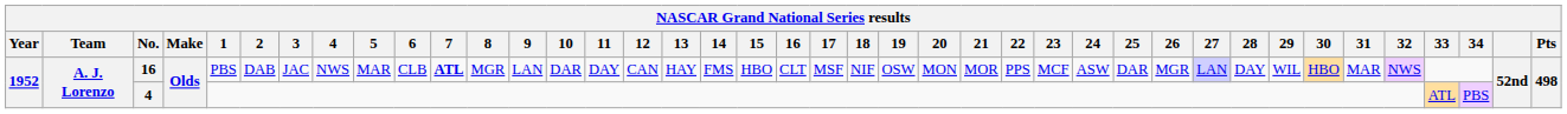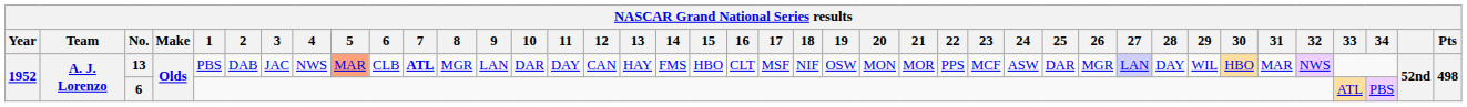 <table class="wikitable" style="text-align:center; font-size:75%">
 <tr>
 <th colspan=69><a href='#'>NASCAR Grand National Series</a> results</th>
 </tr>
 <tr>
 <th>Year</th>
 <th>Team</th>
 <th>No.</th>
 <th>Make</th>
 <th>1</th>
 <th>2</th>
 <th>3</th>
 <th>4</th>
 <th>5</th>
 <th>6</th>
 <th>7</th>
 <th>8</th>
 <th>9</th>
 <th>10</th>
 <th>11</th>
 <th>12</th>
 <th>13</th>
 <th>14</th>
 <th>15</th>
 <th>16</th>
 <th>17</th>
 <th>18</th>
 <th>19</th>
 <th>20</th>
 <th>21</th>
 <th>22</th>
 <th>23</th>
 <th>24</th>
 <th>25</th>
 <th>26</th>
 <th>27</th>
 <th>28</th>
 <th>29</th>
 <th>30</th>
 <th>31</th>
 <th>32</th>
 <th>33</th>
 <th>34</th>
 <th></th>
 <th>Pts</th>
 </tr>
 <tr>
 <th rowspan=2><a href='#'>1952</a></th>
 <th rowspan=2><a href='#'>A. J. Lorenzo</a></th>
-<th>16</th>
+<th>13</th>
 <th rowspan=2><a href='#'>Olds</a></th>
 <td><a href='#'>PBS</a></td>
 <td><a href='#'>DAB</a></td>
 <td><a href='#'>JAC</a></td>
 <td><a href='#'>NWS</a></td>
-<td><a href='#'>MAR</a></td>
+<td style="background: lightsalmon;"><a href='#'>MAR</a></td>
 <td><a href='#'>CLB</a></td>
 <td><strong><a href='#'>ATL</a></strong></td>
 <td><a href='#'>MGR</a></td>
 <td><a href='#'>LAN</a></td>
 <td><a href='#'>DAR</a></td>
 <td><a href='#'>DAY</a></td>
 <td><a href='#'>CAN</a></td>
 <td><a href='#'>HAY</a></td>
 <td><a href='#'>FMS</a></td>
 <td><a href='#'>HBO</a></td>
 <td><a href='#'>CLT</a></td>
 <td><a href='#'>MSF</a></td>
 <td><a href='#'>NIF</a></td>
 <td><a href='#'>OSW</a></td>
 <td><a href='#'>MON</a></td>
 <td><a href='#'>MOR</a></td>
 <td><a href='#'>PPS</a></td>
 <td><a href='#'>MCF</a></td>
 <td><a href='#'>ASW</a></td>
 <td><a href='#'>DAR</a></td>
 <td><a href='#'>MGR</a></td>
 <td style="background:#CFCFFF;"><a href='#'>LAN</a><br></td>
 <td><a href='#'>DAY</a></td>
 <td><a href='#'>WIL</a></td>
 <td style="background:#FFDF9F;"><a href='#'>HBO</a><br></td>
 <td><a href='#'>MAR</a></td>
 <td style="background:#EFCFFF;"><a href='#'>NWS</a><br></td>
 <td colspan=2></td>
 <th rowspan=2>52nd</th>
 <th rowspan=2>498</th>
 </tr>
 <tr>
-<th>4</th>
+<th>6</th>
 <td colspan=32></td>
 <td style="background:#FFDF9F;"><a href='#'>ATL</a><br></td>
 <td style="background:#EFCFFF;"><a href='#'>PBS</a><br></td>
 </tr>
 </table>
